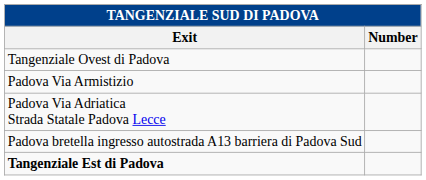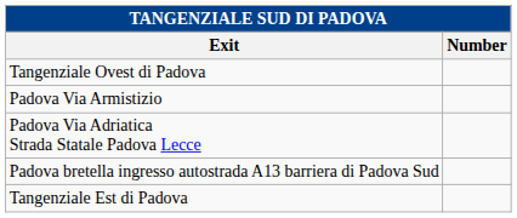 <table class="wikitable" border="1">
 <tr>
 </tr>
 <tr align="center" bgcolor="00408B" style="color: white;font-size:100%;">
 <td colspan="4"><strong>TANGENZIALE SUD DI PADOVA</strong></td>
 </tr>
 <tr>
 <th align="center"><strong>Exit</strong></th>
 <th align="center"><strong>Number</strong></th>
 </tr>
 <tr>
 <td> Tangenziale Ovest di Padova</td>
 </tr>
 <tr>
 <td>Padova Via Armistizio</td>
 <td></td>
 </tr>
 <tr>
 <td> Padova Via Adriatica <br> Strada Statale Padova <a href='#'>Lecce</a></td>
 <td></td>
 </tr>
 <tr>
 <td>Padova bretella ingresso autostrada A13  barriera di Padova Sud</td>
 <td></td>
 </tr>
 <tr>
-<td><strong> Tangenziale Est di Padova</strong></td>
+<td> Tangenziale Est di Padova</td>
 </tr>
 </table>
